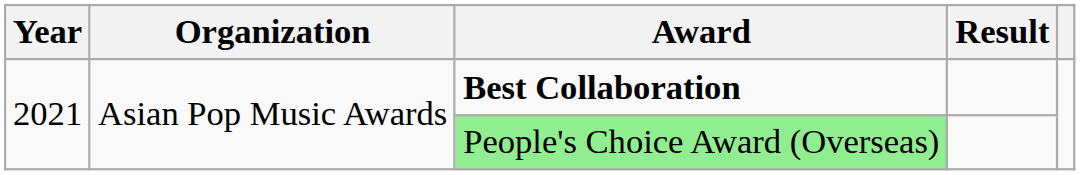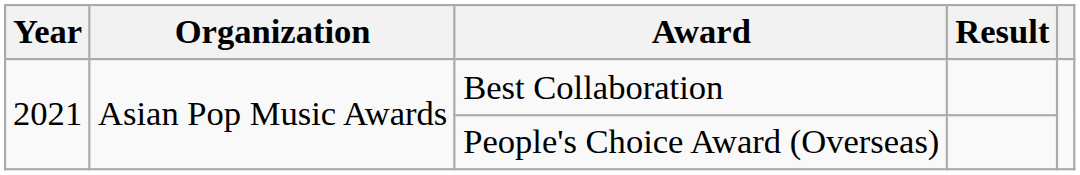 <table class="wikitable plainrowheaders">
 <tr align=center>
 <th scope="col">Year</th>
 <th scope="col">Organization</th>
 <th scope="col">Award</th>
 <th scope="col">Result</th>
 <th scope="col"></th>
 </tr>
 <tr>
 <td rowspan="2">2021</td>
 <td rowspan="2">Asian Pop Music Awards</td>
-<td><strong>Best Collaboration</strong></td>
+<td>Best Collaboration</td>
 <td></td>
 <td rowspan="2" style="text-align:center"></td>
 </tr>
 <tr>
-<td style="background: lightgreen;">People's Choice Award (Overseas)</td>
+<td>People's Choice Award (Overseas)</td>
 <td></td>
 </tr>
 </table>
